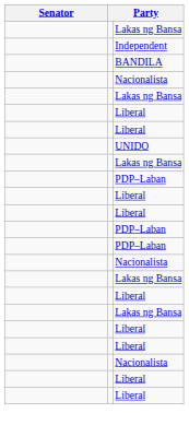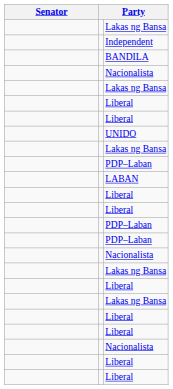 <table class="wikitable sortable">
 <tr>
 <th width="150px"><a href='#'>Senator</a></th>
 <th colspan="2"><a href='#'>Party</a></th>
 </tr>
 <tr>
 <td></td>
 <td></td>
 <td><a href='#'>Lakas ng Bansa</a></td>
 </tr>
 <tr>
 <td></td>
 <td></td>
 <td><a href='#'>Independent</a></td>
 </tr>
 <tr>
 <td></td>
 <td></td>
 <td><a href='#'>BANDILA</a></td>
 </tr>
 <tr>
 <td></td>
 <td></td>
 <td><a href='#'>Nacionalista</a></td>
 </tr>
 <tr>
 <td></td>
 <td></td>
 <td><a href='#'>Lakas ng Bansa</a></td>
 </tr>
 <tr>
 <td></td>
 <td></td>
 <td><a href='#'>Liberal</a></td>
 </tr>
 <tr>
 <td></td>
 <td></td>
 <td><a href='#'>Liberal</a></td>
 </tr>
 <tr>
 <td></td>
 <td></td>
 <td><a href='#'>UNIDO</a></td>
 </tr>
 <tr>
 <td></td>
 <td></td>
 <td><a href='#'>Lakas ng Bansa</a></td>
 </tr>
 <tr>
 <td></td>
 <td></td>
 <td><a href='#'>PDP–Laban</a></td>
+</tr>
+<tr>
+<td></td>
+<td></td>
+<td><a href='#'>LABAN</a></td>
 </tr>
 <tr>
 <td></td>
 <td></td>
 <td><a href='#'>Liberal</a></td>
 </tr>
 <tr>
 <td></td>
 <td></td>
 <td><a href='#'>Liberal</a></td>
 </tr>
 <tr>
 <td></td>
 <td></td>
 <td><a href='#'>PDP–Laban</a></td>
 </tr>
 <tr>
 <td></td>
 <td></td>
 <td><a href='#'>PDP–Laban</a></td>
 </tr>
 <tr>
 <td></td>
 <td></td>
 <td><a href='#'>Nacionalista</a></td>
 </tr>
 <tr>
 <td></td>
 <td></td>
 <td><a href='#'>Lakas ng Bansa</a></td>
 </tr>
 <tr>
 <td></td>
 <td></td>
 <td><a href='#'>Liberal</a></td>
 </tr>
 <tr>
 <td></td>
 <td></td>
 <td><a href='#'>Lakas ng Bansa</a></td>
 </tr>
 <tr>
 <td></td>
 <td></td>
 <td><a href='#'>Liberal</a></td>
 </tr>
 <tr>
 <td></td>
 <td></td>
 <td><a href='#'>Liberal</a></td>
 </tr>
 <tr>
 <td></td>
 <td></td>
 <td><a href='#'>Nacionalista</a></td>
 </tr>
 <tr>
 <td></td>
 <td></td>
 <td><a href='#'>Liberal</a></td>
 </tr>
 <tr>
 <td></td>
 <td></td>
 <td><a href='#'>Liberal</a></td>
 </tr>
 </table>
